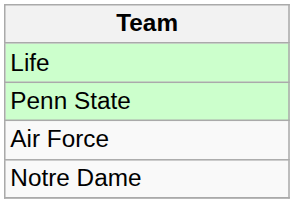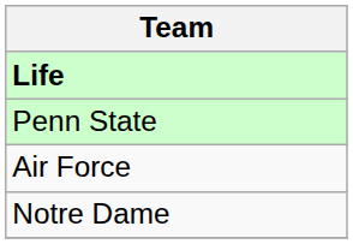 <table class="wikitable" style="text-align: center;">
 <tr>
 <th width="180">Team</th>
 </tr>
 <tr bgcolor=#ccffcc>
-<td align="left">Life</td>
+<td align="left"><strong>Life</strong></td>
 </tr>
 <tr bgcolor=#ccffcc>
 <td align="left">Penn State</td>
 </tr>
 <tr>
 <td align="left">Air Force</td>
 </tr>
 <tr>
 <td align="left">Notre Dame</td>
 </tr>
 <tr>
 </tr>
 </table>
